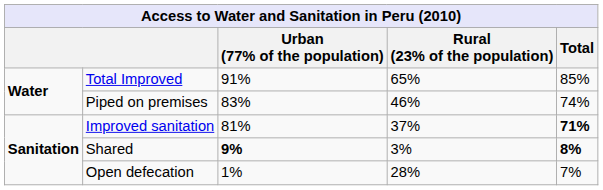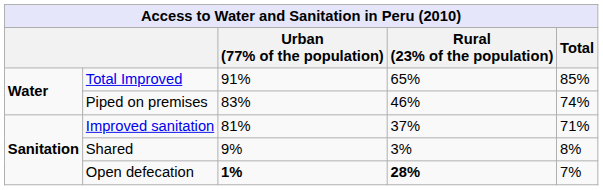 <table class="wikitable">
 <tr>
 <th style="background:lavender;" colspan="5">Access to Water and Sanitation in Peru (2010)</th>
 </tr>
 <tr>
 <th colspan=2></th>
 <th>Urban<br>(77% of the population)</th>
 <th>Rural<br> (23% of the population)</th>
 <th>Total</th>
 </tr>
 <tr>
 <td rowspan="2"><strong>Water</strong></td>
 <td><a href='#'>Total Improved</a></td>
 <td>91%</td>
 <td>65%</td>
 <td>85%</td>
 </tr>
 <tr>
 <td>Piped on premises</td>
 <td>83%</td>
 <td>46%</td>
 <td>74%</td>
 </tr>
 <tr>
 <td rowspan="3"><strong>Sanitation</strong></td>
 <td><a href='#'>Improved sanitation</a></td>
 <td>81%</td>
 <td>37%</td>
-<td><strong>71%</strong></td>
+<td>71%</td>
 </tr>
 <tr>
 <td>Shared</td>
-<td><strong>9%</strong></td>
+<td>9%</td>
 <td>3%</td>
-<td><strong>8%</strong></td>
+<td>8%</td>
 </tr>
 <tr>
 <td>Open defecation</td>
-<td>1%</td>
-<td>28%</td>
+<td><strong>1%</strong></td>
+<td><strong>28%</strong></td>
 <td>7%</td>
 </tr>
 </table>
